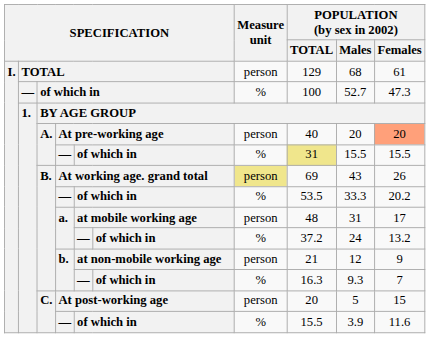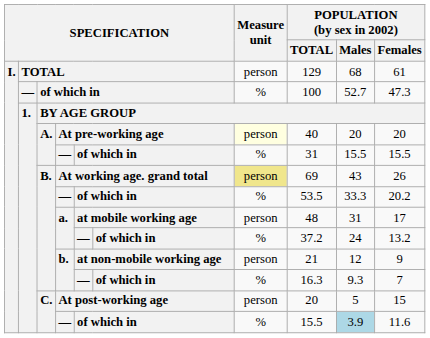 <table class="wikitable" style="font-size:85%; text-align:center">
 <tr>
 <th rowspan="2" colspan="6">SPECIFICATION</th>
 <th rowspan="2">Measure<br> unit</th>
 <th colspan="3" rowspan="1">POPULATION<br> (by sex in 2002)</th>
 </tr>
 <tr>
 <th>TOTAL</th>
 <th>Males</th>
 <th>Females</th>
 </tr>
 <tr>
 <th style="text-align:left" valign="top" rowspan="13">I.</th>
 <th style="text-align:left" colspan="5">TOTAL</th>
 <td>person</td>
 <td>129</td>
 <td>68</td>
 <td>61</td>
 </tr>
 <tr>
 <th style="text-align:left" valign="top">—</th>
 <th style="text-align:left" colspan="4">of which in</th>
 <td>%</td>
 <td>100</td>
 <td>52.7</td>
 <td>47.3</td>
 </tr>
 <tr>
 <th style="text-align:left" valign="top" rowspan="11">1.</th>
 <th style="text-align:left" colspan="19">BY AGE GROUP</th>
 </tr>
 <tr>
 <th style="text-align:left" valign="top" rowspan="2">A.</th>
 <th style="text-align:left" colspan="3">At pre-working age</th>
-<td>person</td>
+<td style="background: lightyellow;">person</td>
 <td>40</td>
 <td>20</td>
-<td style="background: lightsalmon;">20</td>
+<td>20</td>
 </tr>
 <tr>
 <th style="text-align:left" valign="top">—</th>
 <th style="text-align:left" valign="top" colspan="2">of which in</th>
 <td>%</td>
-<td style="background: khaki;">31</td>
+<td>31</td>
 <td>15.5</td>
 <td>15.5</td>
 </tr>
 <tr>
 <th style="text-align:left" valign="top" rowspan="6">B.</th>
 <th style="text-align:left" colspan="3">At working age. grand total</th>
 <td style="background: khaki;">person</td>
 <td>69</td>
 <td>43</td>
 <td>26</td>
 </tr>
 <tr>
 <th style="text-align:left" valign="top">—</th>
 <th style="text-align:left" valign="top" colspan="2">of which in</th>
 <td>%</td>
 <td>53.5</td>
 <td>33.3</td>
 <td>20.2</td>
 </tr>
 <tr>
 <th style="text-align:left" valign="top" rowspan="2">a.</th>
 <th style="text-align:left" colspan="2">at mobile working age</th>
 <td>person</td>
 <td>48</td>
 <td>31</td>
 <td>17</td>
 </tr>
 <tr>
 <th style="text-align:left" valign="top">—</th>
 <th style="text-align:left" valign="top" colspan="1">of which in                        </th>
 <td>%</td>
 <td>37.2</td>
 <td>24</td>
 <td>13.2</td>
 </tr>
 <tr>
 <th style="text-align:left" valign="top" rowspan="2">b.</th>
 <th style="text-align:left" colspan="2">at non-mobile working age</th>
 <td>person</td>
 <td>21</td>
 <td>12</td>
 <td>9</td>
 </tr>
 <tr>
 <th style="text-align:left" valign="top">—</th>
 <th style="text-align:left" valign="top" colspan="1">of which in                        </th>
 <td>%</td>
 <td>16.3</td>
 <td>9.3</td>
 <td>7</td>
 </tr>
 <tr>
 <th style="text-align:left" valign="top" rowspan="2">C.</th>
 <th style="text-align:left" colspan="3">At post-working age</th>
 <td>person</td>
 <td>20</td>
 <td>5</td>
 <td>15</td>
 </tr>
 <tr>
 <th style="text-align:left" valign="top">—</th>
 <th style="text-align:left" valign="top" colspan="2">of which in</th>
 <td>%</td>
 <td>15.5</td>
-<td>3.9</td>
+<td style="background: lightblue;">3.9</td>
 <td>11.6</td>
 </tr>
 </table>
